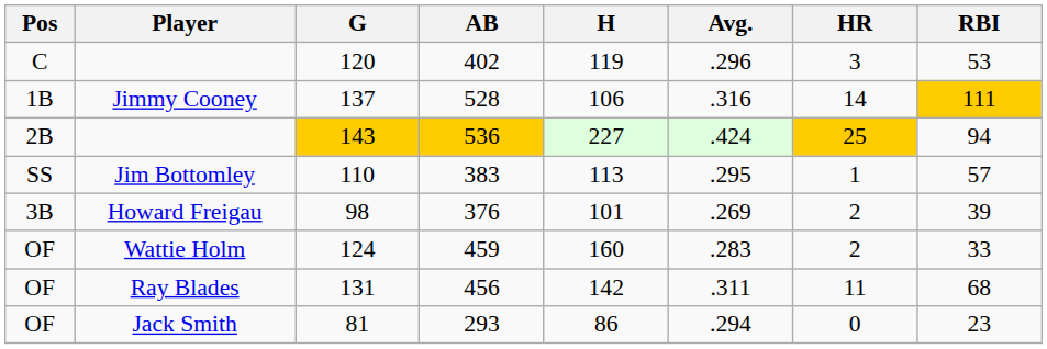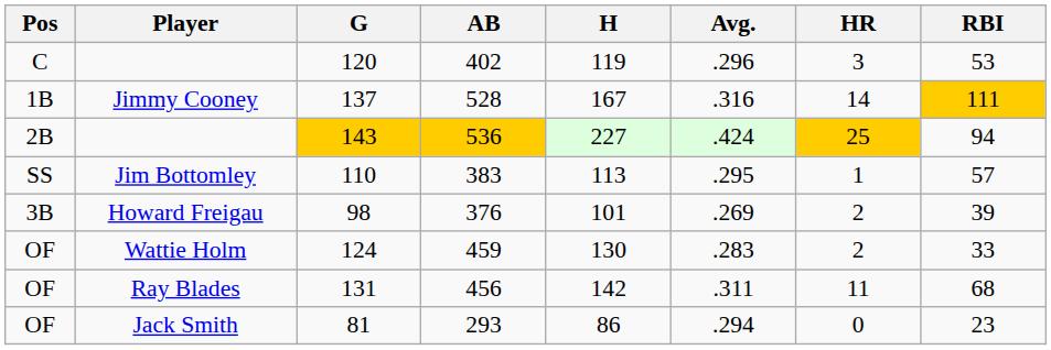 <table class="wikitable sortable">
 <tr>
 <th bgcolor="#DDDDFF" width="5%">Pos</th>
 <th bgcolor="#DDDDFF" width="16%">Player</th>
 <th bgcolor="#DDDDFF" width="9%">G</th>
 <th bgcolor="#DDDDFF" width="9%">AB</th>
 <th bgcolor="#DDDDFF" width="9%">H</th>
 <th bgcolor="#DDDDFF" width="9%">Avg.</th>
 <th bgcolor="#DDDDFF" width="9%">HR</th>
 <th bgcolor="#DDDDFF" width="9%">RBI</th>
 </tr>
 <tr align="center">
 <td>C</td>
 <td></td>
 <td>120</td>
 <td>402</td>
 <td>119</td>
 <td>.296</td>
 <td>3</td>
 <td>53</td>
 </tr>
 <tr align="center">
 <td>1B</td>
 <td><a href='#'>Jimmy Cooney</a></td>
 <td>137</td>
 <td>528</td>
-<td>106</td>
+<td>167</td>
 <td>.316</td>
 <td>14</td>
 <td style="background:#fc0;">111</td>
 </tr>
 <tr align=center>
 <td>2B</td>
 <td></td>
 <td style="background:#fc0;">143</td>
 <td style="background:#fc0;">536</td>
 <td style="background:#DDFFDD;">227</td>
 <td style="background:#DDFFDD;">.424</td>
 <td style="background:#fc0;">25</td>
 <td>94</td>
 </tr>
 <tr align="center">
 <td>SS</td>
 <td><a href='#'>Jim Bottomley</a></td>
 <td>110</td>
 <td>383</td>
 <td>113</td>
 <td>.295</td>
 <td>1</td>
 <td>57</td>
 </tr>
 <tr align=center>
 <td>3B</td>
 <td><a href='#'>Howard Freigau</a></td>
 <td>98</td>
 <td>376</td>
 <td>101</td>
 <td>.269</td>
 <td>2</td>
 <td>39</td>
 </tr>
 <tr align=center>
 <td>OF</td>
 <td><a href='#'>Wattie Holm</a></td>
 <td>124</td>
 <td>459</td>
-<td>160</td>
+<td>130</td>
 <td>.283</td>
 <td>2</td>
 <td>33</td>
 </tr>
 <tr align=center>
 <td>OF</td>
 <td><a href='#'>Ray Blades</a></td>
 <td>131</td>
 <td>456</td>
 <td>142</td>
 <td>.311</td>
 <td>11</td>
 <td>68</td>
 </tr>
 <tr align=center>
 <td>OF</td>
 <td><a href='#'>Jack Smith</a></td>
 <td>81</td>
 <td>293</td>
 <td>86</td>
 <td>.294</td>
 <td>0</td>
 <td>23</td>
 </tr>
 </table>
